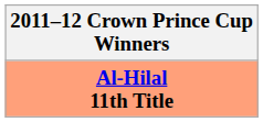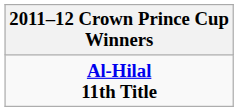 <table class="wikitable" style="text-align: center; margin: 0 auto;">
 <tr>
 <th>2011–12 Crown Prince Cup <br>Winners</th>
 </tr>
 <tr>
-<td style="background: lightsalmon;"><strong><a href='#'>Al-Hilal</a></strong><br><strong>11th Title</strong></td>
+<td><strong><a href='#'>Al-Hilal</a></strong><br><strong>11th Title</strong></td>
 </tr>
 </table>
